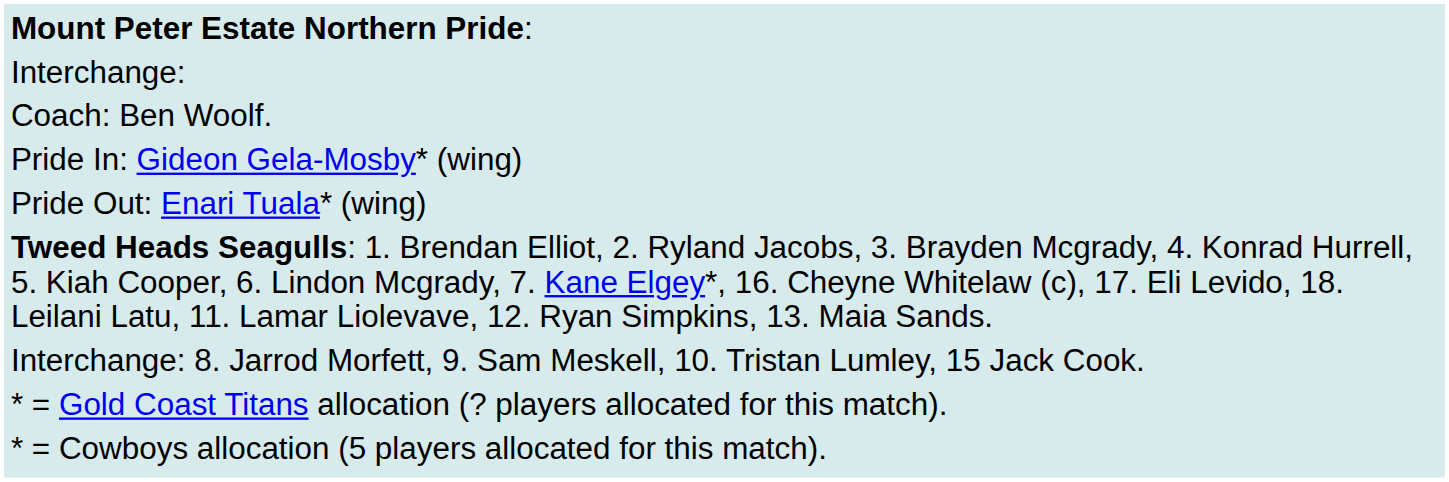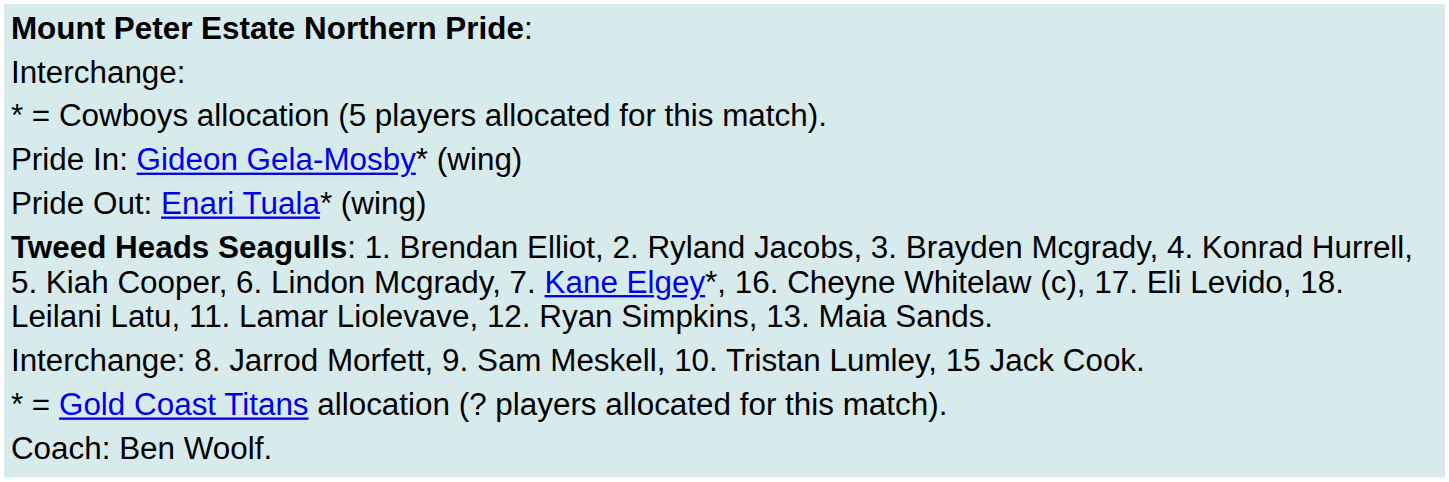 <table style="background:#d7ebed; font-size:85%; width:100%;">
 <tr>
 <td><strong>Mount Peter Estate Northern Pride</strong>:             </td>
 </tr>
 <tr>
 <td>Interchange:    </td>
 </tr>
 <tr>
-<td>Coach: Ben Woolf.</td>
+<td>* = Cowboys allocation (5 players allocated for this match).</td>
 </tr>
 <tr>
 <td>Pride In: <a href='#'>Gideon Gela-Mosby</a>* (wing)</td>
 </tr>
 <tr>
 <td>Pride Out: <a href='#'>Enari Tuala</a>* (wing)</td>
 </tr>
 <tr>
 <td><strong>Tweed Heads Seagulls</strong>: 1. Brendan Elliot, 2. Ryland Jacobs, 3. Brayden Mcgrady, 4. Konrad Hurrell, 5. Kiah Cooper, 6. Lindon Mcgrady, 7. <a href='#'>Kane Elgey</a>*, 16. Cheyne Whitelaw (c), 17. Eli Levido, 18. Leilani Latu, 11. Lamar Liolevave, 12. Ryan Simpkins, 13. Maia Sands.</td>
 </tr>
 <tr>
 <td>Interchange: 8. Jarrod Morfett, 9. Sam Meskell, 10. Tristan Lumley, 15 Jack Cook.</td>
 </tr>
 <tr>
 <td>* = <a href='#'>Gold Coast Titans</a> allocation (? players allocated for this match).</td>
 </tr>
 <tr>
-<td>* = Cowboys allocation (5 players allocated for this match).</td>
+<td>Coach: Ben Woolf.</td>
 </tr>
 <tr>
 </tr>
 </table>
